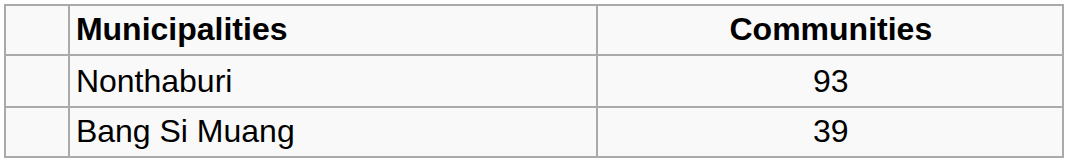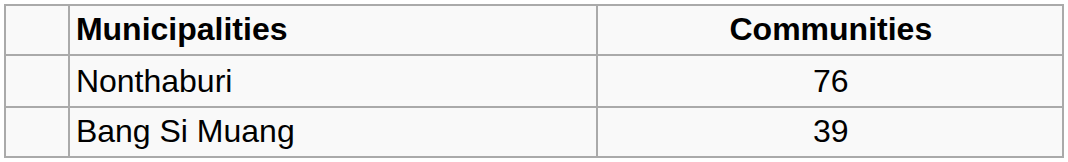 <table class="wikitable" style="width:60%;">
 <tr>
 <td scope="col" style="width:6%;"> </td>
 <td scope="col" style="width:50%;"><strong>Municipalities</strong></td>
 <td scope="col" style="width:44%; text-align:center;"><strong>Communities</strong></td>
 </tr>
 <tr>
 <td scope="row"> </td>
 <td>Nonthaburi</td>
-<td style="text-align:center;">93</td>
+<td style="text-align:center;">76</td>
 </tr>
 <tr>
 <td scope="row"> </td>
 <td>Bang Si Muang</td>
 <td style="text-align:center;">39</td>
 </tr>
 </table>
